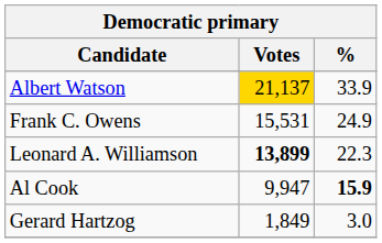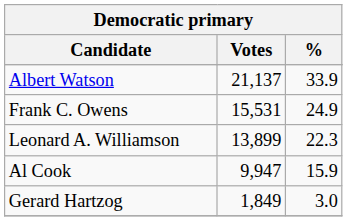 <table class="wikitable" align="left" style="margin: 1em 1em 1em 0; font-size: 95%;">
 <tr>
 <th colspan="3">Democratic primary</th>
 </tr>
 <tr>
 <th colspan="1" style="width: 170px">Candidate</th>
 <th style="width: 50px">Votes</th>
 <th style="width: 40px">%</th>
 </tr>
 <tr>
 </tr>
 <tr>
 <td><a href='#'>Albert Watson</a></td>
-<td align="right" style="background: gold;">21,137</td>
+<td align="right">21,137</td>
 <td align="right">33.9</td>
 </tr>
 <tr>
 <td>Frank C. Owens</td>
 <td align="right">15,531</td>
 <td align="right">24.9</td>
 </tr>
 <tr>
 <td>Leonard A. Williamson</td>
-<td align="right"><strong>13,899</strong></td>
+<td align="right">13,899</td>
 <td align="right">22.3</td>
 </tr>
 <tr>
 <td>Al Cook</td>
 <td align="right">9,947</td>
-<td align="right"><strong>15.9</strong></td>
+<td align="right">15.9</td>
 </tr>
 <tr>
 <td>Gerard Hartzog</td>
 <td align="right">1,849</td>
 <td align="right">3.0</td>
 </tr>
 <tr>
 </tr>
 </table>
